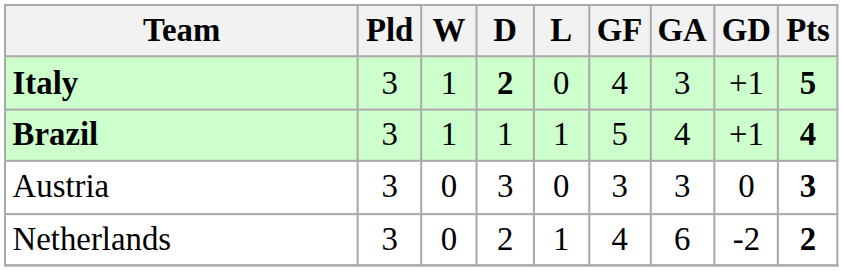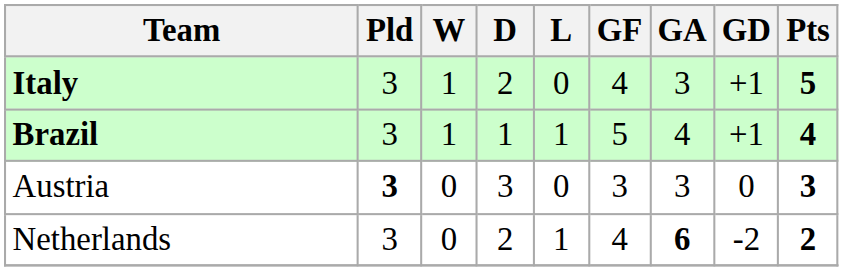 <table class="wikitable" style="text-align: center;">
 <tr>
 <th width=165>Team</th>
 <th width=20>Pld</th>
 <th width=20>W</th>
 <th width=20>D</th>
 <th width=20>L</th>
 <th width=20>GF</th>
 <th width=20>GA</th>
 <th width=20>GD</th>
 <th width=20>Pts</th>
 </tr>
 <tr bgcolor=#ccffcc>
 <td align=left> <strong>Italy</strong></td>
 <td>3</td>
 <td>1</td>
-<td><strong>2</strong></td>
+<td>2</td>
 <td>0</td>
 <td>4</td>
 <td>3</td>
 <td>+1</td>
 <td><strong>5</strong></td>
 </tr>
 <tr bgcolor=#ccffcc>
 <td align=left> <strong>Brazil</strong></td>
 <td>3</td>
 <td>1</td>
 <td>1</td>
 <td>1</td>
 <td>5</td>
 <td>4</td>
 <td>+1</td>
 <td><strong>4</strong></td>
 </tr>
 <tr bgcolor=#ffffff>
 <td align=left> Austria</td>
-<td>3</td>
+<td><strong>3</strong></td>
 <td>0</td>
 <td>3</td>
 <td>0</td>
 <td>3</td>
 <td>3</td>
 <td>0</td>
 <td><strong>3</strong></td>
 </tr>
 <tr bgcolor=#ffffff>
 <td align=left> Netherlands</td>
 <td>3</td>
 <td>0</td>
 <td>2</td>
 <td>1</td>
 <td>4</td>
-<td>6</td>
+<td><strong>6</strong></td>
 <td>-2</td>
 <td><strong>2</strong></td>
 </tr>
 <tr>
 </tr>
 </table>
